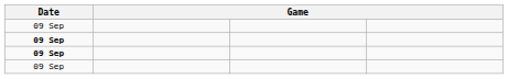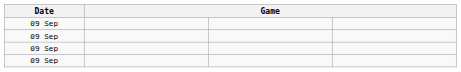 <table width=730 class="wikitable">
 <tr>
 <th width=15%>Date</th>
 <th width=70% colspan=3>Game</th>
 </tr>
 <tr style=font-size:95%>
 <td align=center>09 Sep</td>
 <td align=center><strong></strong></td>
 <td></td>
 <td></td>
 </tr>
 <tr style=font-size:95%>
-<td align=center><strong>09 Sep</strong></td>
+<td align=center>09 Sep</td>
 <td align=center><strong></strong></td>
 <td></td>
 <td></td>
 </tr>
 <tr style=font-size:95%>
-<td align=center><strong>09 Sep</strong></td>
+<td align=center>09 Sep</td>
 <td align=center><strong></strong></td>
 <td></td>
 <td></td>
 </tr>
 <tr style=font-size:95%>
 <td align=center>09 Sep</td>
 <td align=center><strong></strong></td>
 <td></td>
 <td></td>
 </tr>
 </table>
